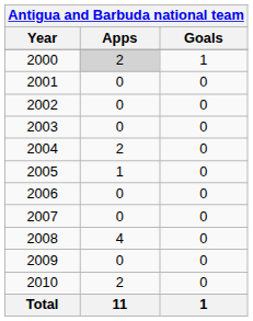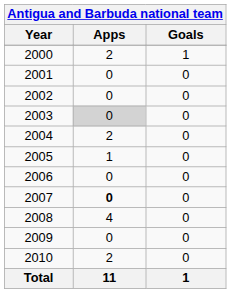 <table class="wikitable" style="text-align:center">
 <tr>
 <th colspan=3><a href='#'>Antigua and Barbuda national team</a></th>
 </tr>
 <tr>
 <th>Year</th>
 <th>Apps</th>
 <th>Goals</th>
 </tr>
 <tr>
 </tr>
 <tr>
 <td>2000</td>
-<td style="background: lightgrey;">2</td>
+<td>2</td>
 <td>1</td>
 </tr>
 <tr>
 <td>2001</td>
 <td>0</td>
 <td>0</td>
 </tr>
 <tr>
 <td>2002</td>
 <td>0</td>
 <td>0</td>
 </tr>
 <tr>
 <td>2003</td>
-<td>0</td>
+<td style="background: lightgrey;">0</td>
 <td>0</td>
 </tr>
 <tr>
 <td>2004</td>
 <td>2</td>
 <td>0</td>
 </tr>
 <tr>
 <td>2005</td>
 <td>1</td>
 <td>0</td>
 </tr>
 <tr>
 <td>2006</td>
 <td>0</td>
 <td>0</td>
 </tr>
 <tr>
 <td>2007</td>
-<td>0</td>
+<td><strong>0</strong></td>
 <td>0</td>
 </tr>
 <tr>
 <td>2008</td>
 <td>4</td>
 <td>0</td>
 </tr>
 <tr>
 <td>2009</td>
 <td>0</td>
 <td>0</td>
 </tr>
 <tr>
 <td>2010</td>
 <td>2</td>
 <td>0</td>
 </tr>
 <tr>
 <th>Total</th>
 <th>11</th>
 <th>1</th>
 </tr>
 </table>
